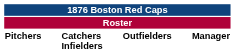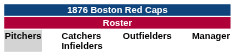 <table class="toccolours" style="font-size: 95%;">
 <tr>
 <th colspan="10" style="background-color: #0f437c; color: #FFFFFF; text-align: center;">1876 Boston Red Caps</th>
 </tr>
 <tr>
 <td colspan="10" style="background-color:#af0039; color: white; text-align: center;"><strong>Roster</strong></td>
 </tr>
 <tr>
-<td valign="top"><strong>Pitchers</strong><br>   </td>
+<td valign="top" style="background: lightgrey;"><strong>Pitchers</strong><br>   </td>
 <td width="25px"></td>
 <td valign="top"><strong>Catchers</strong><br> <strong>Infielders</strong>     </td>
 <td width="25px"></td>
 <td valign="top"><strong>Outfielders</strong><br>      </td>
 <td width="25px"></td>
 <td valign="top"><strong>Manager</strong><br></td>
 </tr>
 </table>
